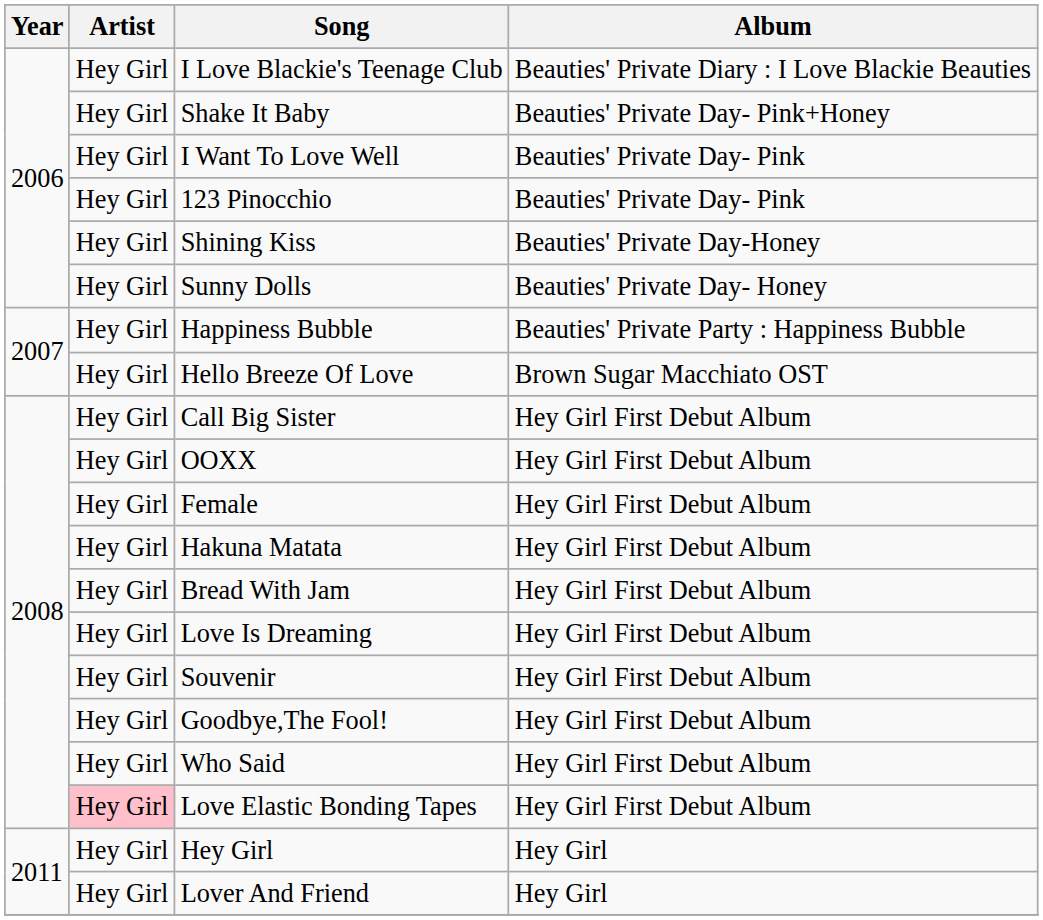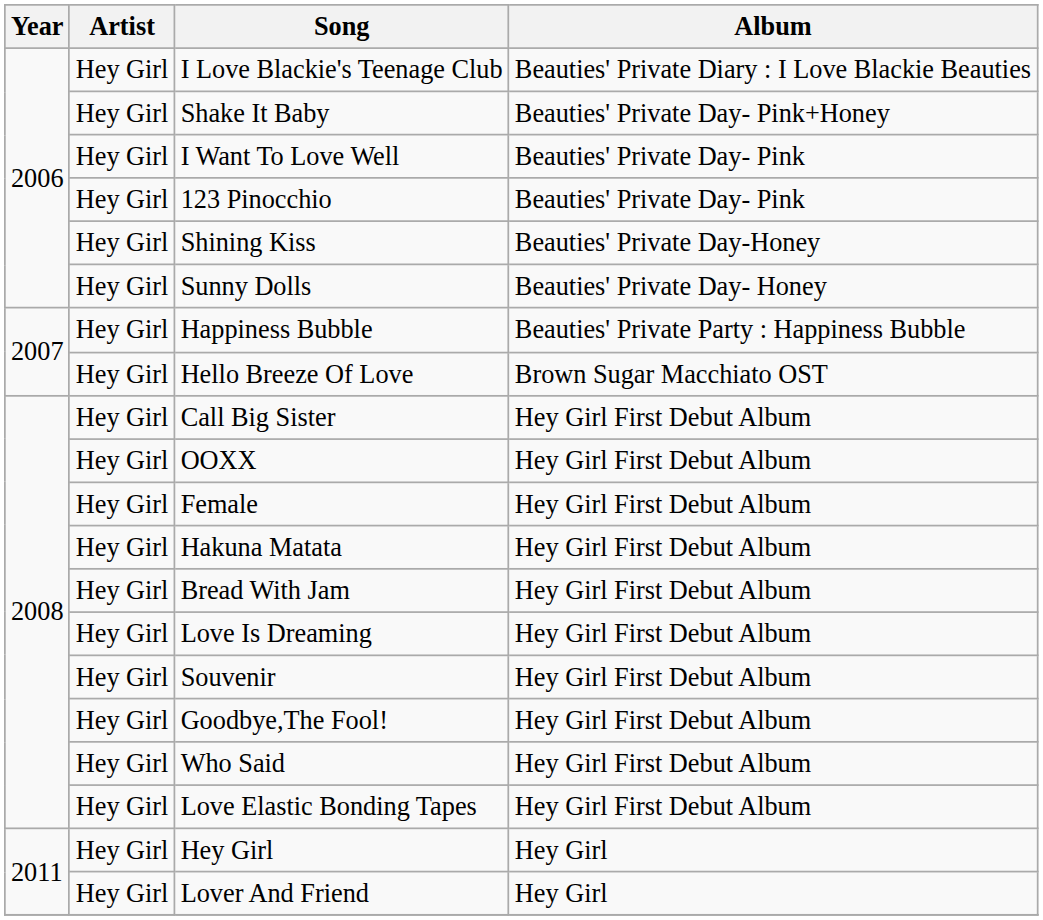 <table class="wikitable" style="font-size: 95%;">
 <tr>
 <th>Year</th>
 <th>Artist</th>
 <th>Song</th>
 <th>Album</th>
 </tr>
 <tr>
 <td rowspan=6>2006</td>
 <td>Hey Girl</td>
 <td>I Love Blackie's Teenage Club</td>
 <td>Beauties' Private Diary : I Love Blackie Beauties</td>
 </tr>
 <tr>
 <td>Hey Girl</td>
 <td>Shake It Baby</td>
 <td>Beauties' Private Day- Pink+Honey</td>
 </tr>
 <tr>
 <td>Hey Girl</td>
 <td>I Want To Love Well</td>
 <td>Beauties' Private Day- Pink</td>
 </tr>
 <tr>
 <td>Hey Girl</td>
 <td>123 Pinocchio</td>
 <td>Beauties' Private Day- Pink</td>
 </tr>
 <tr>
 <td>Hey Girl</td>
 <td>Shining Kiss</td>
 <td>Beauties' Private Day-Honey</td>
 </tr>
 <tr>
 <td>Hey Girl</td>
 <td>Sunny Dolls</td>
 <td>Beauties' Private Day- Honey</td>
 </tr>
 <tr>
 <td rowspan=2>2007</td>
 <td>Hey Girl</td>
 <td>Happiness Bubble</td>
 <td>Beauties' Private Party : Happiness Bubble</td>
 </tr>
 <tr>
 <td>Hey Girl</td>
 <td>Hello Breeze Of Love</td>
 <td>Brown Sugar Macchiato OST</td>
 </tr>
 <tr>
 <td rowspan=10>2008</td>
 <td>Hey Girl</td>
 <td>Call Big Sister</td>
 <td>Hey Girl First Debut Album</td>
 </tr>
 <tr>
 <td>Hey Girl</td>
 <td>OOXX</td>
 <td>Hey Girl First Debut Album</td>
 </tr>
 <tr>
 <td>Hey Girl</td>
 <td>Female</td>
 <td>Hey Girl First Debut Album</td>
 </tr>
 <tr>
 <td>Hey Girl</td>
 <td>Hakuna Matata</td>
 <td>Hey Girl First Debut Album</td>
 </tr>
 <tr>
 <td>Hey Girl</td>
 <td>Bread With Jam</td>
 <td>Hey Girl First Debut Album</td>
 </tr>
 <tr>
 <td>Hey Girl</td>
 <td>Love Is Dreaming</td>
 <td>Hey Girl First Debut Album</td>
 </tr>
 <tr>
 <td>Hey Girl</td>
 <td>Souvenir</td>
 <td>Hey Girl First Debut Album</td>
 </tr>
 <tr>
 <td>Hey Girl</td>
 <td>Goodbye,The Fool!</td>
 <td>Hey Girl First Debut Album</td>
 </tr>
 <tr>
 <td>Hey Girl</td>
 <td>Who Said</td>
 <td>Hey Girl First Debut Album</td>
 </tr>
 <tr>
-<td style="background: pink;">Hey Girl</td>
+<td>Hey Girl</td>
 <td>Love Elastic Bonding Tapes</td>
 <td>Hey Girl First Debut Album</td>
 </tr>
 <tr>
 <td rowspan=2>2011</td>
 <td>Hey Girl</td>
 <td>Hey Girl</td>
 <td>Hey Girl</td>
 </tr>
 <tr>
 <td>Hey Girl</td>
 <td>Lover And Friend</td>
 <td>Hey Girl</td>
 </tr>
 <tr>
 </tr>
 </table>
